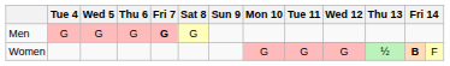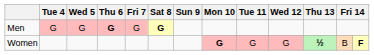 <table class="wikitable" style="margin:0.5em auto; font-size:90%; line-height:1.25em; text-align:center;">
 <tr>
 <th></th>
 <th>Tue 4</th>
 <th>Wed 5</th>
 <th>Thu 6</th>
 <th>Fri 7</th>
 <th>Sat 8</th>
 <th>Sun 9</th>
 <th>Mon 10</th>
 <th>Tue 11</th>
 <th>Wed 12</th>
 <th>Thu 13</th>
 <th width="45" colspan="2">Fri 14</th>
 </tr>
 <tr>
 <td style="text-align:left;">Men</td>
 <td style="background-color:#FFBBBB;">G</td>
 <td style="background-color:#FFBBBB;">G</td>
+<td style="background-color:#FFBBBB;"><strong>G</strong></td>
 <td style="background-color:#FFBBBB;">G</td>
-<td style="background-color:#FFBBBB;"><strong>G</strong></td>
-<td style="background-color:#FFFFBB;">G</td>
+<td style="background-color:#FFFFBB;"><strong>G</strong></td>
 <td></td>
 <td></td>
 <td></td>
 <td></td>
 <td></td>
 <td width="45" colspan="2"></td>
 </tr>
 <tr>
 <td style="text-align:left;">Women</td>
 <td></td>
 <td></td>
 <td></td>
 <td></td>
 <td></td>
 <td></td>
+<td style="background-color:#FFBBBB;"><strong>G</strong></td>
 <td style="background-color:#FFBBBB;">G</td>
 <td style="background-color:#FFBBBB;">G</td>
-<td style="background-color:#FFBBBB;">G</td>
-<td style="background-color:#BBF3BB;">½</td>
-<td style="background-color:#FEDCBA;"><strong>B</strong></td>
-<td style="background-color:#FFFFBB;">F</td>
+<td style="background-color:#BBF3BB;"><strong>½</strong></td>
+<td style="background-color:#FEDCBA;">B</td>
+<td style="background-color:#FFFFBB;"><strong>F</strong></td>
 </tr>
 </table>
